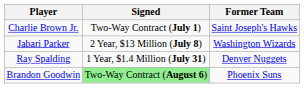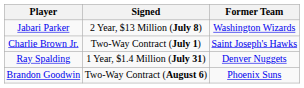 <table class="wikitable sortable sortable" style="text-align: center">
 <tr>
 <th>Player</th>
 <th>Signed</th>
 <th>Former Team</th>
 </tr>
 <tr style="text-align: center">
+<td><a href='#'>Jabari Parker</a></td>
+<td>2 Year, $13 Million (<strong>July 8</strong>)</td>
+<td><a href='#'>Washington Wizards</a></td>
+</tr>
+<tr style="text-align: center">
 <td><a href='#'>Charlie Brown Jr.</a></td>
 <td>Two-Way Contract (<strong>July 1</strong>)</td>
 <td><a href='#'>Saint Joseph's Hawks</a></td>
-</tr>
-<tr style="text-align: center">
-<td><a href='#'>Jabari Parker</a></td>
-<td>2 Year, $13 Million (<strong>July 8</strong>)</td>
-<td><a href='#'>Washington Wizards</a></td>
 </tr>
 <tr style="text-align: center">
 <td><a href='#'>Ray Spalding</a></td>
 <td>1 Year, $1.4 Million (<strong>July 31</strong>)</td>
 <td><a href='#'>Denver Nuggets</a></td>
 </tr>
 <tr style="text-align: center">
 <td><a href='#'>Brandon Goodwin</a></td>
-<td style="background: lightgreen;">Two-Way Contract (<strong>August 6</strong>)</td>
+<td>Two-Way Contract (<strong>August 6</strong>)</td>
 <td><a href='#'>Phoenix Suns</a></td>
 </tr>
 </table>
